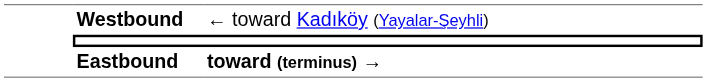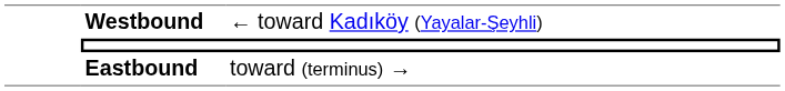 <table table border=0 cellspacing=0 cellpadding=3>
 <tr>
 <td style="border-top:solid 1px gray;border-bottom:solid 1px gray;" width=50 rowspan=3 valign=top></td>
 <td style="border-top:solid 1px gray;" width=100><strong>Westbound</strong></td>
 <td style="border-top:solid 1px gray;" width=400>←  toward <a href='#'>Kadıköy</a> <small>(<a href='#'>Yayalar-Şeyhli</a>)</small></td>
 </tr>
 <tr>
 <td style="border-top:solid 2px black;border-right:solid 2px black;border-left:solid 2px black;border-bottom:solid 2px black;text-align:center;" colspan=2></td>
 </tr>
 <tr>
 <td style="border-bottom:solid 1px gray;"><strong>Eastbound</strong></td>
-<td style="border-bottom:solid 1px gray;"><strong> toward  <small>(terminus)</small> →</strong></td>
+<td style="border-bottom:solid 1px gray;"> toward  <small>(terminus)</small> →</td>
 </tr>
 </table>
